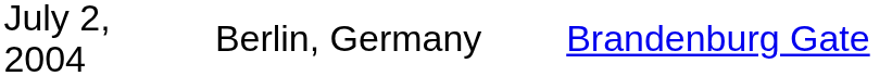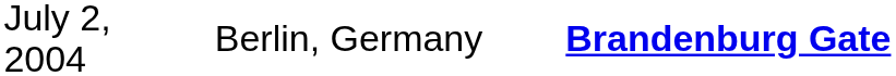 <table cellpadding="2" style="border: 0px solid darkgray; font-size:90%">
 <tr>
 <th width="150"></th>
 <th width="250"></th>
 <th width="200"></th>
 <th width="700"></th>
 </tr>
 <tr>
 <td>July 2, 2004</td>
 <td>Berlin, Germany</td>
-<td><a href='#'>Brandenburg Gate</a></td>
+<td><strong><a href='#'>Brandenburg Gate</a></strong></td>
 <td></td>
 </tr>
 </table>
